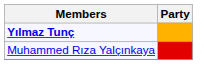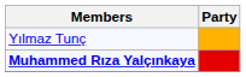 <table class=wikitable style="border:1px solid #8888aa; background-color:#f7f8ff; padding:0px; font-size:90%;">
 <tr>
 <th>Members</th>
 <th colspan="2">Party</th>
 </tr>
 <tr>
-<td><strong><a href='#'>Yılmaz Tunç</a></strong></td>
+<td><a href='#'>Yılmaz Tunç</a></td>
 <td style="background: #ffb300"></td>
 </tr>
 <tr>
-<td><a href='#'>Muhammed Rıza Yalçınkaya</a></td>
+<td><strong><a href='#'>Muhammed Rıza Yalçınkaya</a></strong></td>
 <td style="background: #e30000"></td>
 </tr>
 <tr>
 </tr>
 </table>
